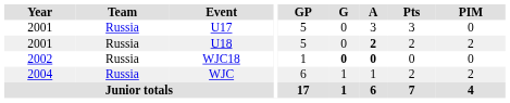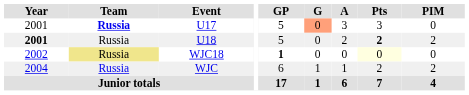 <table border="0" cellpadding="1" cellspacing="0" ID="Table3" style="text-align:center; width:40em">
 <tr ALIGN="center" bgcolor="#e0e0e0">
 <th>Year</th>
 <th>Team</th>
 <th>Event</th>
 <th rowspan="99" bgcolor="#ffffff"></th>
 <th>GP</th>
 <th>G</th>
 <th>A</th>
 <th>Pts</th>
 <th>PIM</th>
 </tr>
 <tr>
 <td>2001</td>
-<td><a href='#'>Russia</a></td>
+<td><strong><a href='#'>Russia</a></strong></td>
 <td><a href='#'>U17</a></td>
 <td>5</td>
-<td>0</td>
+<td style="background: lightsalmon;">0</td>
 <td>3</td>
 <td>3</td>
 <td>0</td>
 </tr>
 <tr bgcolor="#f0f0f0">
-<td>2001</td>
+<td><strong>2001</strong></td>
 <td>Russia</td>
 <td><a href='#'>U18</a></td>
 <td>5</td>
 <td>0</td>
+<td>2</td>
 <td><strong>2</strong></td>
-<td>2</td>
 <td>2</td>
 </tr>
 <tr>
 <td><a href='#'>2002</a></td>
-<td>Russia</td>
+<td style="background: khaki;">Russia</td>
 <td><a href='#'>WJC18</a></td>
-<td>1</td>
-<td><strong>0</strong></td>
-<td><strong>0</strong></td>
+<td><strong>1</strong></td>
 <td>0</td>
+<td>0</td>
+<td style="background: lightyellow;">0</td>
 <td>0</td>
 </tr>
 <tr bgcolor="#f0f0f0">
 <td><a href='#'>2004</a></td>
 <td><a href='#'>Russia</a></td>
 <td><a href='#'>WJC</a></td>
 <td>6</td>
 <td>1</td>
 <td>1</td>
 <td>2</td>
 <td>2</td>
 </tr>
 <tr bgcolor="#e0e0e0">
 <th colspan="3">Junior totals</th>
 <th>17</th>
 <th>1</th>
 <th>6</th>
 <th>7</th>
 <th>4</th>
 </tr>
 </table>
